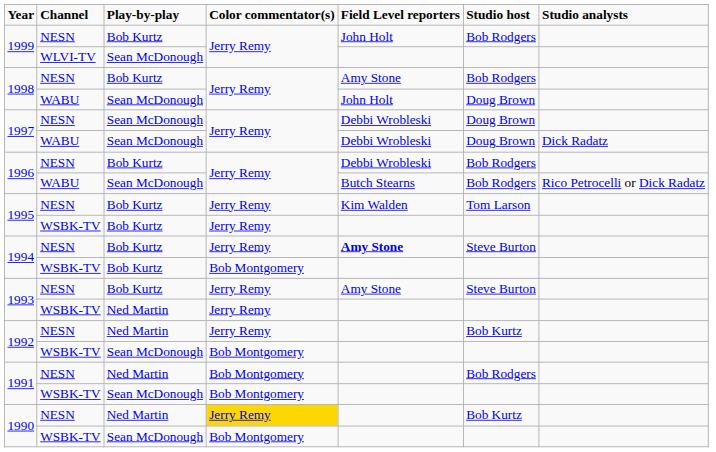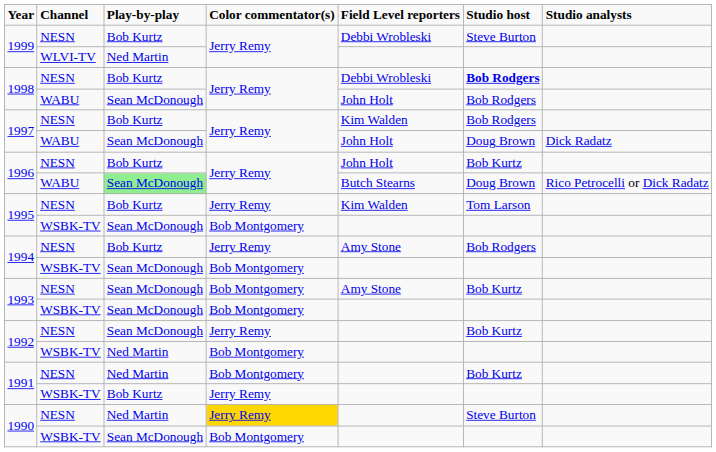 <table class="wikitable">
 <tr>
 <td><strong>Year</strong></td>
 <td><strong>Channel</strong></td>
 <td><strong>Play-by-play</strong></td>
 <td><strong>Color commentator(s)</strong></td>
 <td><strong>Field Level reporters</strong></td>
 <td><strong>Studio host</strong></td>
 <td><strong>Studio analysts</strong></td>
 </tr>
 <tr>
 <td rowspan=2><a href='#'>1999</a></td>
 <td><a href='#'>NESN</a></td>
 <td><a href='#'>Bob Kurtz</a></td>
 <td rowspan="2"><a href='#'>Jerry Remy</a></td>
-<td><a href='#'>John Holt</a></td>
-<td><a href='#'>Bob Rodgers</a></td>
+<td><a href='#'>Debbi Wrobleski</a></td>
+<td><a href='#'>Steve Burton</a></td>
 <td></td>
 </tr>
 <tr>
 <td><a href='#'>WLVI-TV</a></td>
-<td><a href='#'>Sean McDonough</a></td>
+<td><a href='#'>Ned Martin</a></td>
 <td></td>
 <td></td>
 <td></td>
 </tr>
 <tr>
 <td rowspan=2><a href='#'>1998</a></td>
 <td><a href='#'>NESN</a></td>
 <td><a href='#'>Bob Kurtz</a></td>
 <td rowspan="2"><a href='#'>Jerry Remy</a></td>
-<td><a href='#'>Amy Stone</a></td>
+<td><a href='#'>Debbi Wrobleski</a></td>
+<td><strong><a href='#'>Bob Rodgers</a></strong></td>
+<td></td>
+</tr>
+<tr>
+<td><a href='#'>WABU</a></td>
+<td><a href='#'>Sean McDonough</a></td>
+<td><a href='#'>John Holt</a></td>
+<td><a href='#'>Bob Rodgers</a></td>
+<td></td>
+</tr>
+<tr>
+<td rowspan=2><a href='#'>1997</a></td>
+<td><a href='#'>NESN</a></td>
+<td><a href='#'>Bob Kurtz</a></td>
+<td rowspan="2"><a href='#'>Jerry Remy</a></td>
+<td><a href='#'>Kim Walden</a></td>
 <td><a href='#'>Bob Rodgers</a></td>
 <td></td>
 </tr>
 <tr>
 <td><a href='#'>WABU</a></td>
 <td><a href='#'>Sean McDonough</a></td>
 <td><a href='#'>John Holt</a></td>
 <td><a href='#'>Doug Brown</a></td>
-<td></td>
-</tr>
-<tr>
-<td rowspan=2><a href='#'>1997</a></td>
-<td><a href='#'>NESN</a></td>
-<td><a href='#'>Sean McDonough</a></td>
-<td rowspan="2"><a href='#'>Jerry Remy</a></td>
-<td><a href='#'>Debbi Wrobleski</a></td>
-<td><a href='#'>Doug Brown</a></td>
-<td></td>
-</tr>
-<tr>
-<td><a href='#'>WABU</a></td>
-<td><a href='#'>Sean McDonough</a></td>
-<td><a href='#'>Debbi Wrobleski</a></td>
-<td><a href='#'>Doug Brown</a></td>
 <td><a href='#'>Dick Radatz</a></td>
 </tr>
 <tr>
 <td rowspan=2><a href='#'>1996</a></td>
 <td><a href='#'>NESN</a></td>
 <td><a href='#'>Bob Kurtz</a></td>
 <td rowspan="2"><a href='#'>Jerry Remy</a></td>
-<td><a href='#'>Debbi Wrobleski</a></td>
-<td><a href='#'>Bob Rodgers</a></td>
+<td><a href='#'>John Holt</a></td>
+<td><a href='#'>Bob Kurtz</a></td>
 <td></td>
 </tr>
 <tr>
 <td><a href='#'>WABU</a></td>
-<td><a href='#'>Sean McDonough</a></td>
+<td style="background: lightgreen;"><a href='#'>Sean McDonough</a></td>
 <td><a href='#'>Butch Stearns</a></td>
-<td><a href='#'>Bob Rodgers</a></td>
+<td><a href='#'>Doug Brown</a></td>
 <td><a href='#'>Rico Petrocelli</a> or <a href='#'>Dick Radatz</a></td>
 </tr>
 <tr>
 <td rowspan=2><a href='#'>1995</a></td>
 <td><a href='#'>NESN</a></td>
 <td><a href='#'>Bob Kurtz</a></td>
 <td><a href='#'>Jerry Remy</a></td>
 <td><a href='#'>Kim Walden</a></td>
 <td><a href='#'>Tom Larson</a></td>
 <td></td>
 </tr>
 <tr>
 <td><a href='#'>WSBK-TV</a></td>
-<td><a href='#'>Bob Kurtz</a></td>
-<td><a href='#'>Jerry Remy</a></td>
+<td><a href='#'>Sean McDonough</a></td>
+<td><a href='#'>Bob Montgomery</a></td>
 <td></td>
 <td></td>
 <td></td>
 </tr>
 <tr>
 <td rowspan=2><a href='#'>1994</a></td>
 <td><a href='#'>NESN</a></td>
 <td><a href='#'>Bob Kurtz</a></td>
 <td><a href='#'>Jerry Remy</a></td>
-<td><strong><a href='#'>Amy Stone</a></strong></td>
-<td><a href='#'>Steve Burton</a></td>
+<td><a href='#'>Amy Stone</a></td>
+<td><a href='#'>Bob Rodgers</a></td>
 <td></td>
 </tr>
 <tr>
 <td><a href='#'>WSBK-TV</a></td>
-<td><a href='#'>Bob Kurtz</a></td>
+<td><a href='#'>Sean McDonough</a></td>
 <td><a href='#'>Bob Montgomery</a></td>
 <td></td>
 <td></td>
 <td></td>
 </tr>
 <tr>
 <td rowspan=2><a href='#'>1993</a></td>
 <td><a href='#'>NESN</a></td>
-<td><a href='#'>Bob Kurtz</a></td>
-<td><a href='#'>Jerry Remy</a></td>
+<td><a href='#'>Sean McDonough</a></td>
+<td><a href='#'>Bob Montgomery</a></td>
 <td><a href='#'>Amy Stone</a></td>
-<td><a href='#'>Steve Burton</a></td>
-<td></td>
-</tr>
-<tr>
-<td><a href='#'>WSBK-TV</a></td>
-<td><a href='#'>Ned Martin</a></td>
-<td><a href='#'>Jerry Remy</a></td>
-<td></td>
-<td></td>
-<td></td>
-</tr>
-<tr>
-<td rowspan=2><a href='#'>1992</a></td>
-<td><a href='#'>NESN</a></td>
-<td><a href='#'>Ned Martin</a></td>
-<td><a href='#'>Jerry Remy</a></td>
-<td></td>
 <td><a href='#'>Bob Kurtz</a></td>
 <td></td>
 </tr>
 <tr>
 <td><a href='#'>WSBK-TV</a></td>
 <td><a href='#'>Sean McDonough</a></td>
 <td><a href='#'>Bob Montgomery</a></td>
 <td></td>
 <td></td>
 <td></td>
 </tr>
 <tr>
+<td rowspan=2><a href='#'>1992</a></td>
+<td><a href='#'>NESN</a></td>
+<td><a href='#'>Sean McDonough</a></td>
+<td><a href='#'>Jerry Remy</a></td>
+<td></td>
+<td><a href='#'>Bob Kurtz</a></td>
+<td></td>
+</tr>
+<tr>
+<td><a href='#'>WSBK-TV</a></td>
+<td><a href='#'>Ned Martin</a></td>
+<td><a href='#'>Bob Montgomery</a></td>
+<td></td>
+<td></td>
+<td></td>
+</tr>
+<tr>
 <td rowspan=2><a href='#'>1991</a></td>
 <td><a href='#'>NESN</a></td>
 <td><a href='#'>Ned Martin</a></td>
 <td><a href='#'>Bob Montgomery</a></td>
 <td></td>
-<td><a href='#'>Bob Rodgers</a></td>
+<td><a href='#'>Bob Kurtz</a></td>
 <td></td>
 </tr>
 <tr>
 <td><a href='#'>WSBK-TV</a></td>
-<td><a href='#'>Sean McDonough</a></td>
-<td><a href='#'>Bob Montgomery</a></td>
+<td><a href='#'>Bob Kurtz</a></td>
+<td><a href='#'>Jerry Remy</a></td>
 <td></td>
 <td></td>
 <td></td>
 </tr>
 <tr>
 <td rowspan=2><a href='#'>1990</a></td>
 <td><a href='#'>NESN</a></td>
 <td><a href='#'>Ned Martin</a></td>
 <td style="background: gold;"><a href='#'>Jerry Remy</a></td>
 <td></td>
-<td><a href='#'>Bob Kurtz</a></td>
+<td><a href='#'>Steve Burton</a></td>
 <td></td>
 </tr>
 <tr>
 <td><a href='#'>WSBK-TV</a></td>
 <td><a href='#'>Sean McDonough</a></td>
 <td><a href='#'>Bob Montgomery</a></td>
 <td></td>
 <td></td>
 <td></td>
 </tr>
 </table>
